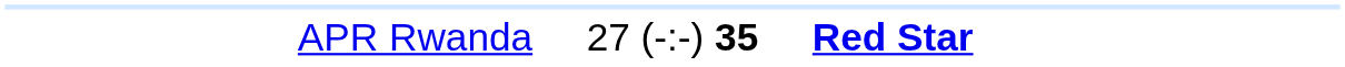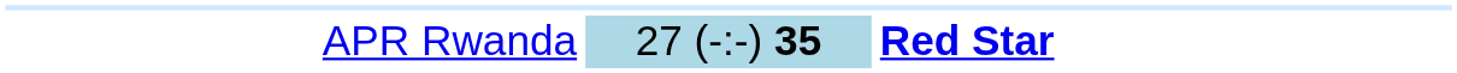 <table style="text-align:center" width=550>
 <tr>
 <th width=30%></th>
 <th width=15%></th>
 <th width=30%></th>
 </tr>
 <tr align="left" bgcolor=#D0E7FF>
 <td colspan=4></td>
 </tr>
 <tr>
 <td align="right"><a href='#'>APR Rwanda</a> </td>
-<td>27 (-:-) <strong>35</strong></td>
+<td style="background: lightblue;">27 (-:-) <strong>35</strong></td>
 <td align=left> <strong><a href='#'>Red Star</a></strong></td>
 </tr>
 </table>
